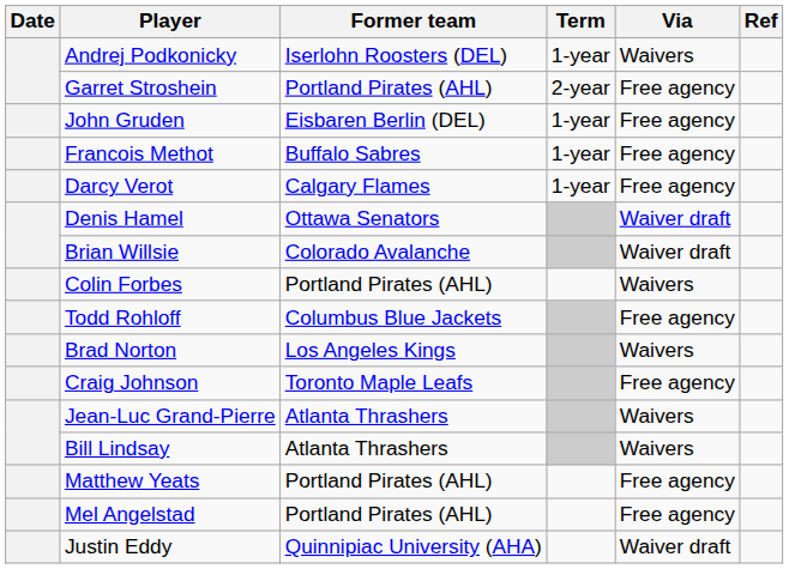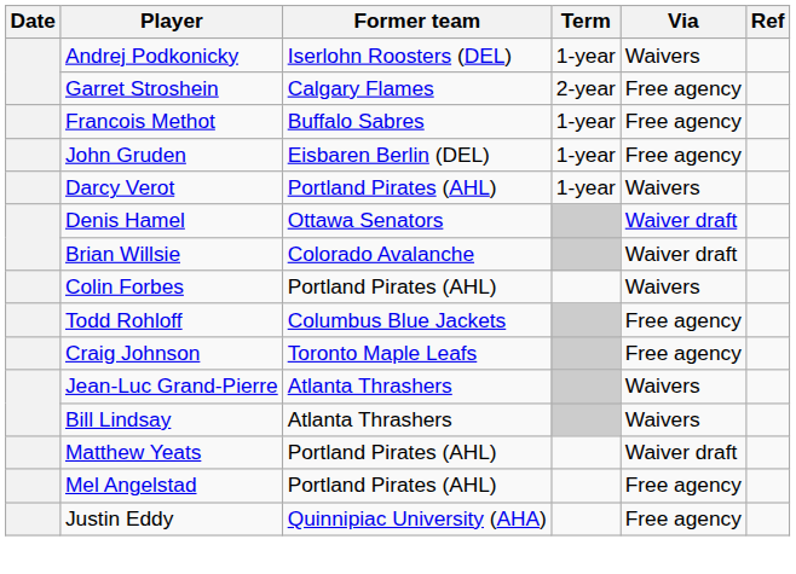 <table class="wikitable plainrowheaders">
 <tr style="background:#ddd; text-align:center;">
 <th>Date</th>
 <th>Player</th>
 <th>Former team</th>
 <th>Term</th>
 <th>Via</th>
 <th>Ref</th>
 </tr>
 <tr>
 <th scope="row" rowspan=2></th>
 <td><a href='#'>Andrej Podkonicky</a></td>
 <td><a href='#'>Iserlohn Roosters</a> (<a href='#'>DEL</a>)</td>
 <td>1-year</td>
 <td>Waivers</td>
 <td></td>
 </tr>
 <tr>
 <td><a href='#'>Garret Stroshein</a></td>
-<td><a href='#'>Portland Pirates</a> (<a href='#'>AHL</a>)</td>
+<td><a href='#'>Calgary Flames</a></td>
 <td>2-year</td>
+<td>Free agency</td>
+<td></td>
+</tr>
+<tr>
+<th scope="row"></th>
+<td><a href='#'>Francois Methot</a></td>
+<td><a href='#'>Buffalo Sabres</a></td>
+<td>1-year</td>
 <td>Free agency</td>
 <td></td>
 </tr>
 <tr>
 <th scope="row"></th>
 <td><a href='#'>John Gruden</a></td>
 <td><a href='#'>Eisbaren Berlin</a> (DEL)</td>
 <td>1-year</td>
 <td>Free agency</td>
 <td></td>
 </tr>
 <tr>
 <th scope="row"></th>
-<td><a href='#'>Francois Methot</a></td>
-<td><a href='#'>Buffalo Sabres</a></td>
+<td><a href='#'>Darcy Verot</a></td>
+<td><a href='#'>Portland Pirates</a> (<a href='#'>AHL</a>)</td>
 <td>1-year</td>
-<td>Free agency</td>
-<td></td>
-</tr>
-<tr>
-<th scope="row"></th>
-<td><a href='#'>Darcy Verot</a></td>
-<td><a href='#'>Calgary Flames</a></td>
-<td>1-year</td>
-<td>Free agency</td>
+<td>Waivers</td>
 <td></td>
 </tr>
 <tr>
 <th scope="row" rowspan=2></th>
 <td><a href='#'>Denis Hamel</a></td>
 <td><a href='#'>Ottawa Senators</a></td>
 <td style="background:#ccc"></td>
 <td><a href='#'>Waiver draft</a></td>
 <td></td>
 </tr>
 <tr>
 <td><a href='#'>Brian Willsie</a></td>
 <td><a href='#'>Colorado Avalanche</a></td>
 <td style="background:#ccc"></td>
 <td>Waiver draft</td>
 <td></td>
 </tr>
 <tr>
 <th scope="row"></th>
 <td><a href='#'>Colin Forbes</a></td>
 <td>Portland Pirates (AHL)</td>
 <td></td>
 <td>Waivers</td>
 <td></td>
 </tr>
 <tr>
 <th scope="row"></th>
 <td><a href='#'>Todd Rohloff</a></td>
 <td><a href='#'>Columbus Blue Jackets</a></td>
 <td style="background:#ccc"></td>
 <td>Free agency</td>
 <td></td>
 </tr>
 <tr>
 <th scope="row"></th>
-<td><a href='#'>Brad Norton</a></td>
-<td><a href='#'>Los Angeles Kings</a></td>
-<td style="background:#ccc"></td>
-<td>Waivers</td>
-<td></td>
-</tr>
-<tr>
-<th scope="row"></th>
 <td><a href='#'>Craig Johnson</a></td>
 <td><a href='#'>Toronto Maple Leafs</a></td>
 <td style="background:#ccc"></td>
 <td>Free agency</td>
 <td></td>
 </tr>
 <tr>
 <th scope="row" rowspan=2></th>
 <td><a href='#'>Jean-Luc Grand-Pierre</a></td>
 <td><a href='#'>Atlanta Thrashers</a></td>
 <td style="background:#ccc"></td>
 <td>Waivers</td>
 <td></td>
 </tr>
 <tr>
 <td><a href='#'>Bill Lindsay</a></td>
 <td>Atlanta Thrashers</td>
 <td style="background:#ccc"></td>
 <td>Waivers</td>
 <td></td>
 </tr>
 <tr>
 <th scope="row"></th>
 <td><a href='#'>Matthew Yeats</a></td>
 <td>Portland Pirates (AHL)</td>
 <td></td>
-<td>Free agency</td>
+<td>Waiver draft</td>
 <td></td>
 </tr>
 <tr>
 <th scope="row"></th>
 <td><a href='#'>Mel Angelstad</a></td>
 <td>Portland Pirates (AHL)</td>
 <td></td>
 <td>Free agency</td>
 <td></td>
 </tr>
 <tr>
 <th scope="row"></th>
 <td>Justin Eddy</td>
 <td><a href='#'>Quinnipiac University</a> (<a href='#'>AHA</a>)</td>
 <td></td>
-<td>Waiver draft</td>
+<td>Free agency</td>
 <td></td>
 </tr>
 </table>
